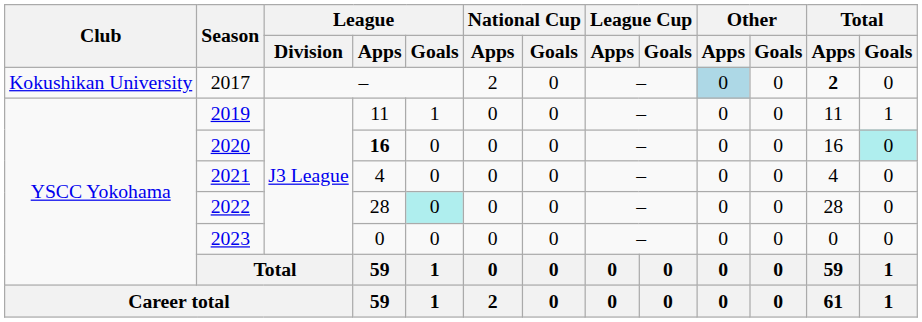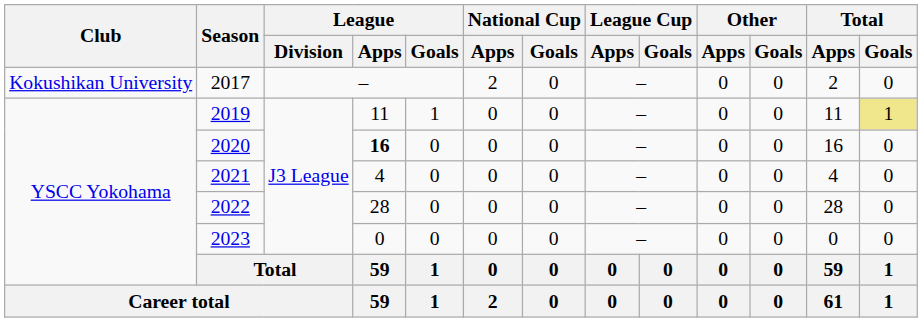 <table class="wikitable" style="text-align: center">
 <tr>
 <th rowspan="2">Club</th>
 <th rowspan="2">Season</th>
 <th colspan="3">League</th>
 <th colspan="2">National Cup</th>
 <th colspan="2">League Cup</th>
 <th colspan="2">Other</th>
 <th colspan="2">Total</th>
 </tr>
 <tr>
 <th>Division</th>
 <th>Apps</th>
 <th>Goals</th>
 <th>Apps</th>
 <th>Goals</th>
 <th>Apps</th>
 <th>Goals</th>
 <th>Apps</th>
 <th>Goals</th>
 <th>Apps</th>
 <th>Goals</th>
 </tr>
 <tr>
 <td><a href='#'>Kokushikan University</a></td>
 <td>2017</td>
 <td colspan="3">–</td>
 <td>2</td>
 <td>0</td>
 <td colspan="2">–</td>
-<td style="background: lightblue;">0</td>
 <td>0</td>
-<td><strong>2</strong></td>
+<td>0</td>
+<td>2</td>
 <td>0</td>
 </tr>
 <tr>
 <td rowspan="6"><a href='#'>YSCC Yokohama</a></td>
 <td><a href='#'>2019</a></td>
 <td rowspan="5"><a href='#'>J3 League</a></td>
 <td>11</td>
 <td>1</td>
 <td>0</td>
 <td>0</td>
 <td colspan="2">–</td>
 <td>0</td>
 <td>0</td>
 <td>11</td>
-<td>1</td>
+<td style="background: khaki;">1</td>
 </tr>
 <tr>
 <td><a href='#'>2020</a></td>
 <td><strong>16</strong></td>
 <td>0</td>
 <td>0</td>
 <td>0</td>
 <td colspan="2">–</td>
 <td>0</td>
 <td>0</td>
 <td>16</td>
-<td style="background: paleturquoise;">0</td>
+<td>0</td>
 </tr>
 <tr>
 <td><a href='#'>2021</a></td>
 <td>4</td>
 <td>0</td>
 <td>0</td>
 <td>0</td>
 <td colspan="2">–</td>
 <td>0</td>
 <td>0</td>
 <td>4</td>
 <td>0</td>
 </tr>
 <tr>
 <td><a href='#'>2022</a></td>
 <td>28</td>
-<td style="background: paleturquoise;">0</td>
+<td>0</td>
 <td>0</td>
 <td>0</td>
 <td colspan="2">–</td>
 <td>0</td>
 <td>0</td>
 <td>28</td>
 <td>0</td>
 </tr>
 <tr>
 <td><a href='#'>2023</a></td>
 <td>0</td>
 <td>0</td>
 <td>0</td>
 <td>0</td>
 <td colspan="2">–</td>
 <td>0</td>
 <td>0</td>
 <td>0</td>
 <td>0</td>
 </tr>
 <tr>
 <th colspan=2>Total</th>
 <th>59</th>
 <th>1</th>
 <th>0</th>
 <th>0</th>
 <th>0</th>
 <th>0</th>
 <th>0</th>
 <th>0</th>
 <th>59</th>
 <th>1</th>
 </tr>
 <tr>
 <th colspan=3>Career total</th>
 <th>59</th>
 <th>1</th>
 <th>2</th>
 <th>0</th>
 <th>0</th>
 <th>0</th>
 <th>0</th>
 <th>0</th>
 <th>61</th>
 <th>1</th>
 </tr>
 </table>
